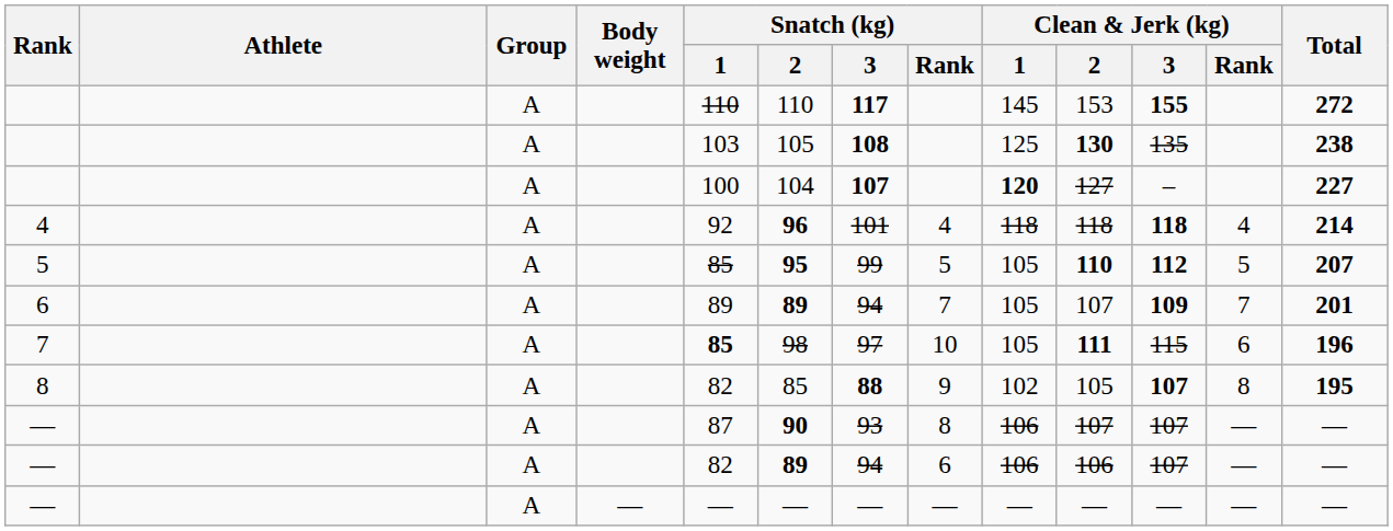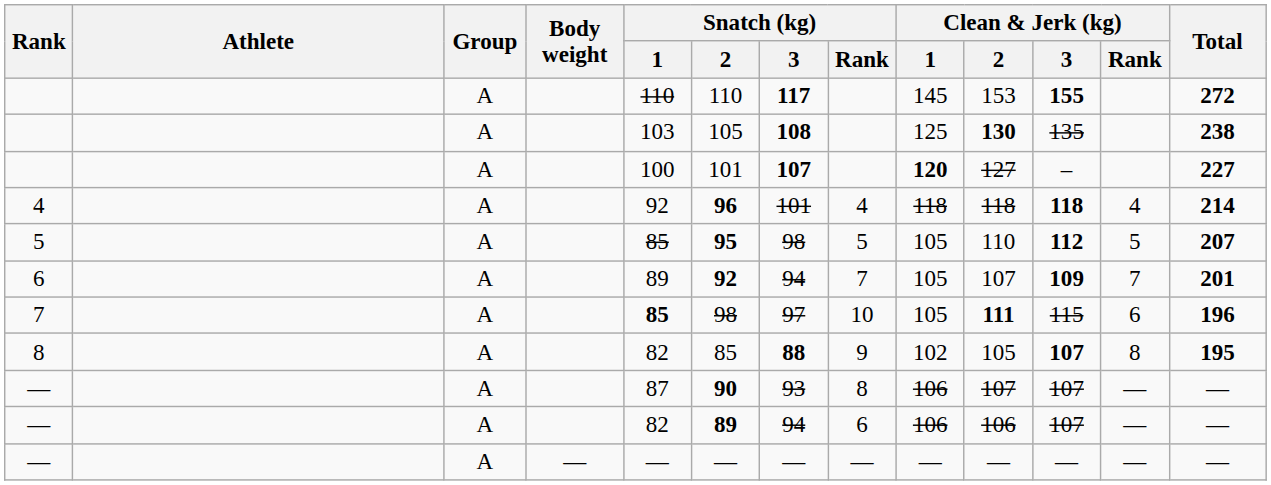 <table class = "wikitable" style="text-align:center;">
 <tr>
 <th rowspan=2 width=40>Rank</th>
 <th rowspan=2 width=250>Athlete</th>
 <th rowspan=2 width=50>Group</th>
 <th rowspan=2 width=60>Body weight</th>
 <th colspan=4>Snatch (kg)</th>
 <th colspan=4>Clean & Jerk (kg)</th>
 <th rowspan=2 width=60>Total</th>
 </tr>
 <tr>
 <th width=40>1</th>
 <th width=40>2</th>
 <th width=40>3</th>
 <th width=40>Rank</th>
 <th width=40>1</th>
 <th width=40>2</th>
 <th width=40>3</th>
 <th width=40>Rank</th>
 </tr>
 <tr>
 <td></td>
 <td align=left></td>
 <td>A</td>
 <td></td>
 <td><s>110</s></td>
 <td>110</td>
 <td><strong>117</strong></td>
 <td></td>
 <td>145</td>
 <td>153</td>
 <td><strong>155</strong></td>
 <td></td>
 <td><strong>272</strong></td>
 </tr>
 <tr>
 <td></td>
 <td align=left></td>
 <td>A</td>
 <td></td>
 <td>103</td>
 <td>105</td>
 <td><strong>108</strong></td>
 <td></td>
 <td>125</td>
 <td><strong>130</strong></td>
 <td><s>135</s></td>
 <td></td>
 <td><strong>238</strong></td>
 </tr>
 <tr>
 <td></td>
 <td align=left></td>
 <td>A</td>
 <td></td>
 <td>100</td>
-<td>104</td>
+<td>101</td>
 <td><strong>107</strong></td>
 <td></td>
 <td><strong>120</strong></td>
 <td><s>127</s></td>
 <td>–</td>
 <td></td>
 <td><strong>227</strong></td>
 </tr>
 <tr>
 <td>4</td>
 <td align=left></td>
 <td>A</td>
 <td></td>
 <td>92</td>
 <td><strong>96</strong></td>
 <td><s>101</s></td>
 <td>4</td>
 <td><s>118</s></td>
 <td><s>118</s></td>
 <td><strong>118</strong></td>
 <td>4</td>
 <td><strong>214</strong></td>
 </tr>
 <tr>
 <td>5</td>
 <td align=left></td>
 <td>A</td>
 <td></td>
 <td><s>85</s></td>
 <td><strong>95</strong></td>
-<td><s>99</s></td>
+<td><s>98</s></td>
 <td>5</td>
 <td>105</td>
-<td><strong>110</strong></td>
+<td>110</td>
 <td><strong>112</strong></td>
 <td>5</td>
 <td><strong>207</strong></td>
 </tr>
 <tr>
 <td>6</td>
 <td align=left></td>
 <td>A</td>
 <td></td>
 <td>89</td>
-<td><strong>89</strong></td>
+<td><strong>92</strong></td>
 <td><s>94</s></td>
 <td>7</td>
 <td>105</td>
 <td>107</td>
 <td><strong>109</strong></td>
 <td>7</td>
 <td><strong>201</strong></td>
 </tr>
 <tr>
 <td>7</td>
 <td align=left></td>
 <td>A</td>
 <td></td>
 <td><strong>85</strong></td>
 <td><s>98</s></td>
 <td><s>97</s></td>
 <td>10</td>
 <td>105</td>
 <td><strong>111</strong></td>
 <td><s>115</s></td>
 <td>6</td>
 <td><strong>196</strong></td>
 </tr>
 <tr>
 <td>8</td>
 <td align=left></td>
 <td>A</td>
 <td></td>
 <td>82</td>
 <td>85</td>
 <td><strong>88</strong></td>
 <td>9</td>
 <td>102</td>
 <td>105</td>
 <td><strong>107</strong></td>
 <td>8</td>
 <td><strong>195</strong></td>
 </tr>
 <tr>
 <td>—</td>
 <td align=left></td>
 <td>A</td>
 <td></td>
 <td>87</td>
 <td><strong>90</strong></td>
 <td><s>93</s></td>
 <td>8</td>
 <td><s>106</s></td>
 <td><s>107</s></td>
 <td><s>107</s></td>
 <td>—</td>
 <td>—</td>
 </tr>
 <tr>
 <td>—</td>
 <td align=left></td>
 <td>A</td>
 <td></td>
 <td>82</td>
 <td><strong>89</strong></td>
 <td><s>94</s></td>
 <td>6</td>
 <td><s>106</s></td>
 <td><s>106</s></td>
 <td><s>107</s></td>
 <td>—</td>
 <td>—</td>
 </tr>
 <tr>
 <td>—</td>
 <td align=left></td>
 <td>A</td>
 <td>—</td>
 <td>—</td>
 <td>—</td>
 <td>—</td>
 <td>—</td>
 <td>—</td>
 <td>—</td>
 <td>—</td>
 <td>—</td>
 <td>—</td>
 </tr>
 </table>
